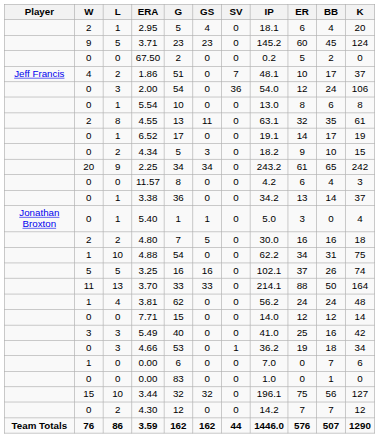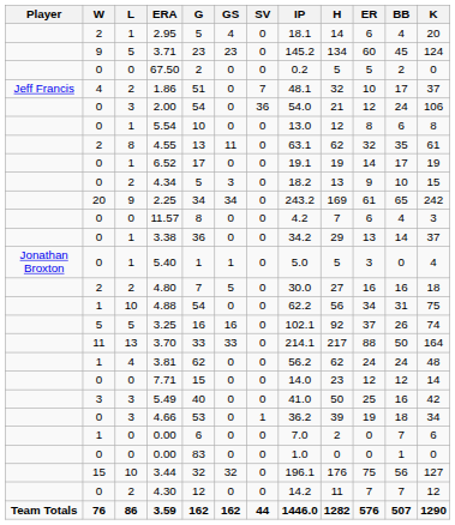 <table class="wikitable sortable" style="text-align:center; border:1; cellpadding:2; cellspacing:0;">
 <tr>
 <th bgcolor="#DDDDFF" width="17%">Player</th>
 <th bgcolor="#DDDDFF" width="7%">W</th>
 <th bgcolor="#DDDDFF" width="7%">L</th>
 <th bgcolor="#DDDDFF" width="7%">ERA</th>
 <th bgcolor="#DDDDFF" width="7%">G</th>
 <th bgcolor="#DDDDFF" width="7%">GS</th>
 <th bgcolor="#DDDDFF" width="7%">SV</th>
 <th bgcolor="#DDDDFF" width="7%">IP</th>
+<th bgcolor="#DDDDFF" width="7%">H</th>
 <th bgcolor="#DDDDFF" width="7%">ER</th>
 <th bgcolor="#DDDDFF" width="7%">BB</th>
 <th bgcolor="#DDDDFF" width="7%">K</th>
 </tr>
 <tr style="text-align:center;">
 <td></td>
 <td>2</td>
 <td>1</td>
 <td>2.95</td>
 <td>5</td>
 <td>4</td>
 <td>0</td>
 <td>18.1</td>
+<td>14</td>
 <td>6</td>
 <td>4</td>
 <td>20</td>
 </tr>
 <tr style="text-align:center;">
 <td></td>
 <td>9</td>
 <td>5</td>
 <td>3.71</td>
 <td>23</td>
 <td>23</td>
 <td>0</td>
 <td>145.2</td>
+<td>134</td>
 <td>60</td>
 <td>45</td>
 <td>124</td>
 </tr>
 <tr style="text-align:center;">
 <td></td>
 <td>0</td>
 <td>0</td>
 <td>67.50</td>
 <td>2</td>
 <td>0</td>
 <td>0</td>
 <td>0.2</td>
 <td>5</td>
+<td>5</td>
 <td>2</td>
 <td>0</td>
 </tr>
 <tr style="text-align:center;">
 <td><a href='#'>Jeff Francis</a></td>
 <td>4</td>
 <td>2</td>
 <td>1.86</td>
 <td>51</td>
 <td>0</td>
 <td>7</td>
 <td>48.1</td>
+<td>32</td>
 <td>10</td>
 <td>17</td>
 <td>37</td>
 </tr>
 <tr align=center>
 <td></td>
 <td>0</td>
 <td>3</td>
 <td>2.00</td>
 <td>54</td>
 <td>0</td>
 <td>36</td>
 <td>54.0</td>
+<td>21</td>
 <td>12</td>
 <td>24</td>
 <td>106</td>
 </tr>
 <tr style="text-align:center;">
 <td></td>
 <td>0</td>
 <td>1</td>
 <td>5.54</td>
 <td>10</td>
 <td>0</td>
 <td>0</td>
 <td>13.0</td>
+<td>12</td>
 <td>8</td>
 <td>6</td>
 <td>8</td>
 </tr>
 <tr style="text-align:center;">
 <td></td>
 <td>2</td>
 <td>8</td>
 <td>4.55</td>
 <td>13</td>
 <td>11</td>
 <td>0</td>
 <td>63.1</td>
+<td>62</td>
 <td>32</td>
 <td>35</td>
 <td>61</td>
 </tr>
 <tr style="text-align:center;">
 <td></td>
 <td>0</td>
 <td>1</td>
 <td>6.52</td>
 <td>17</td>
 <td>0</td>
 <td>0</td>
 <td>19.1</td>
+<td>19</td>
 <td>14</td>
 <td>17</td>
 <td>19</td>
 </tr>
 <tr style="text-align:center;">
 <td></td>
 <td>0</td>
 <td>2</td>
 <td>4.34</td>
 <td>5</td>
 <td>3</td>
 <td>0</td>
 <td>18.2</td>
+<td>13</td>
 <td>9</td>
 <td>10</td>
 <td>15</td>
 </tr>
 <tr style="text-align:center;">
 <td></td>
 <td>20</td>
 <td>9</td>
 <td>2.25</td>
 <td>34</td>
 <td>34</td>
 <td>0</td>
 <td>243.2</td>
+<td>169</td>
 <td>61</td>
 <td>65</td>
 <td>242</td>
 </tr>
 <tr style="text-align:center;">
 <td></td>
 <td>0</td>
 <td>0</td>
 <td>11.57</td>
 <td>8</td>
 <td>0</td>
 <td>0</td>
 <td>4.2</td>
+<td>7</td>
 <td>6</td>
 <td>4</td>
 <td>3</td>
 </tr>
 <tr style="text-align:center;">
 <td></td>
 <td>0</td>
 <td>1</td>
 <td>3.38</td>
 <td>36</td>
 <td>0</td>
 <td>0</td>
 <td>34.2</td>
+<td>29</td>
 <td>13</td>
 <td>14</td>
 <td>37</td>
 </tr>
 <tr style="text-align:center;">
 <td><a href='#'>Jonathan Broxton</a></td>
 <td>0</td>
 <td>1</td>
 <td>5.40</td>
 <td>1</td>
 <td>1</td>
 <td>0</td>
 <td>5.0</td>
+<td>5</td>
 <td>3</td>
 <td>0</td>
 <td>4</td>
 </tr>
 <tr align=center>
 <td></td>
 <td>2</td>
 <td>2</td>
 <td>4.80</td>
 <td>7</td>
 <td>5</td>
 <td>0</td>
 <td>30.0</td>
+<td>27</td>
 <td>16</td>
 <td>16</td>
 <td>18</td>
 </tr>
 <tr style="text-align:center;">
 <td></td>
 <td>1</td>
 <td>10</td>
 <td>4.88</td>
 <td>54</td>
 <td>0</td>
 <td>0</td>
 <td>62.2</td>
+<td>56</td>
 <td>34</td>
 <td>31</td>
 <td>75</td>
 </tr>
 <tr style="text-align:center;">
 <td></td>
 <td>5</td>
 <td>5</td>
 <td>3.25</td>
 <td>16</td>
 <td>16</td>
 <td>0</td>
 <td>102.1</td>
+<td>92</td>
 <td>37</td>
 <td>26</td>
 <td>74</td>
 </tr>
 <tr style="text-align:center;">
 <td></td>
 <td>11</td>
 <td>13</td>
 <td>3.70</td>
 <td>33</td>
 <td>33</td>
 <td>0</td>
 <td>214.1</td>
+<td>217</td>
 <td>88</td>
 <td>50</td>
 <td>164</td>
 </tr>
 <tr style="text-align:center;">
 <td></td>
 <td>1</td>
 <td>4</td>
 <td>3.81</td>
 <td>62</td>
 <td>0</td>
 <td>0</td>
 <td>56.2</td>
+<td>62</td>
 <td>24</td>
 <td>24</td>
 <td>48</td>
 </tr>
 <tr style="text-align:center;">
 <td></td>
 <td>0</td>
 <td>0</td>
 <td>7.71</td>
 <td>15</td>
 <td>0</td>
 <td>0</td>
 <td>14.0</td>
+<td>23</td>
 <td>12</td>
 <td>12</td>
 <td>14</td>
 </tr>
 <tr style="text-align:center;">
 <td></td>
 <td>3</td>
 <td>3</td>
 <td>5.49</td>
 <td>40</td>
 <td>0</td>
 <td>0</td>
 <td>41.0</td>
+<td>50</td>
 <td>25</td>
 <td>16</td>
 <td>42</td>
 </tr>
 <tr style="text-align:center;">
 <td></td>
 <td>0</td>
 <td>3</td>
 <td>4.66</td>
 <td>53</td>
 <td>0</td>
 <td>1</td>
 <td>36.2</td>
+<td>39</td>
 <td>19</td>
 <td>18</td>
 <td>34</td>
 </tr>
 <tr style="text-align:center;">
 <td></td>
 <td>1</td>
 <td>0</td>
 <td>0.00</td>
 <td>6</td>
 <td>0</td>
 <td>0</td>
 <td>7.0</td>
+<td>2</td>
 <td>0</td>
 <td>7</td>
 <td>6</td>
 </tr>
 <tr style="text-align:center;">
 <td></td>
 <td>0</td>
 <td>0</td>
 <td>0.00</td>
 <td>83</td>
 <td>0</td>
 <td>0</td>
 <td>1.0</td>
 <td>0</td>
+<td>0</td>
 <td>1</td>
 <td>0</td>
 </tr>
 <tr style="text-align:center;">
 <td></td>
 <td>15</td>
 <td>10</td>
 <td>3.44</td>
 <td>32</td>
 <td>32</td>
 <td>0</td>
 <td>196.1</td>
+<td>176</td>
 <td>75</td>
 <td>56</td>
 <td>127</td>
 </tr>
 <tr style="text-align:center;">
 <td></td>
 <td>0</td>
 <td>2</td>
 <td>4.30</td>
 <td>12</td>
 <td>0</td>
 <td>0</td>
 <td>14.2</td>
+<td>11</td>
 <td>7</td>
 <td>7</td>
 <td>12</td>
 </tr>
 <tr align=center>
 <td><strong>Team Totals</strong></td>
 <td><strong>76</strong></td>
 <td><strong>86</strong></td>
 <td><strong>3.59</strong></td>
 <td><strong>162</strong></td>
 <td><strong>162</strong></td>
 <td><strong>44</strong></td>
 <td><strong>1446.0</strong></td>
+<td><strong>1282</strong></td>
 <td><strong>576</strong></td>
 <td><strong>507</strong></td>
 <td><strong>1290</strong></td>
 </tr>
 </table>
